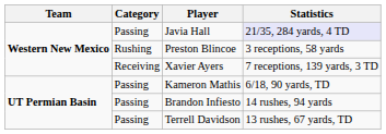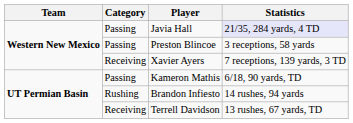 <table class="wikitable" style="float: right;">
 <tr>
 <th>Team</th>
 <th>Category</th>
 <th>Player</th>
 <th>Statistics</th>
 </tr>
 <tr>
 <td rowspan=3><strong>Western New Mexico</strong></td>
 <td>Passing</td>
 <td>Javia Hall</td>
 <td style="background: lavender;">21/35, 284 yards, 4 TD</td>
 </tr>
 <tr>
-<td>Rushing</td>
+<td>Passing</td>
 <td>Preston Blincoe</td>
 <td>3 receptions, 58 yards</td>
 </tr>
 <tr>
 <td>Receiving</td>
 <td>Xavier Ayers</td>
 <td>7 receptions, 139 yards, 3 TD</td>
 </tr>
 <tr>
 <td rowspan=3><strong>UT Permian Basin</strong></td>
 <td>Passing</td>
 <td>Kameron Mathis</td>
 <td>6/18, 90 yards, TD</td>
 </tr>
 <tr>
-<td>Passing</td>
+<td>Rushing</td>
 <td>Brandon Infiesto</td>
 <td>14 rushes, 94 yards</td>
 </tr>
 <tr>
-<td>Passing</td>
+<td>Receiving</td>
 <td>Terrell Davidson</td>
 <td>13 rushes, 67 yards, TD</td>
 </tr>
 </table>
